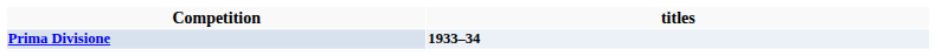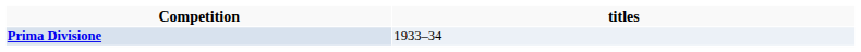 <table style="background: #f9f9f9; border: 2px #aaa solid; border-collapse: collapse; border-color: white; color:black; font-size: 95%;" width="850" cellspacing="0" border="1">
 <tr>
 <th width="250">Competition</th>
 <th width="300">titles</th>
 </tr>
 <tr style="font-size: 90%;">
 <td bgcolor="#d8e2ee"><strong><a href='#'>Prima Divisione</a></strong></td>
-<td bgcolor="#ecf1f7"><strong>1933–34</strong></td>
+<td bgcolor="#ecf1f7">1933–34</td>
 </tr>
 </table>
